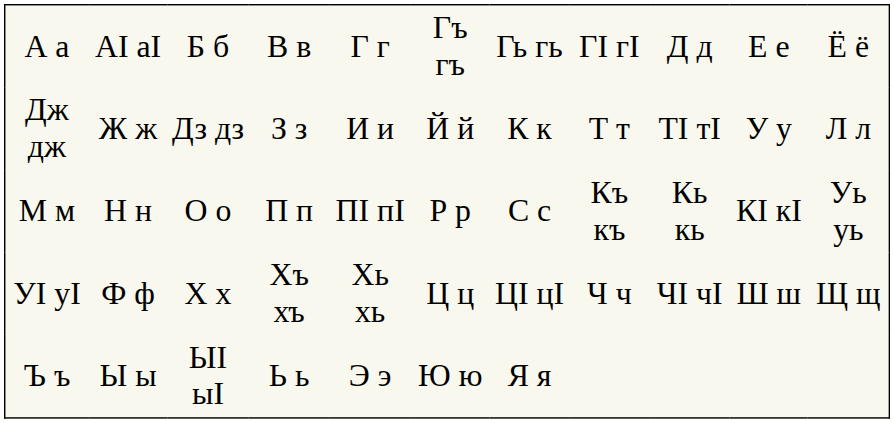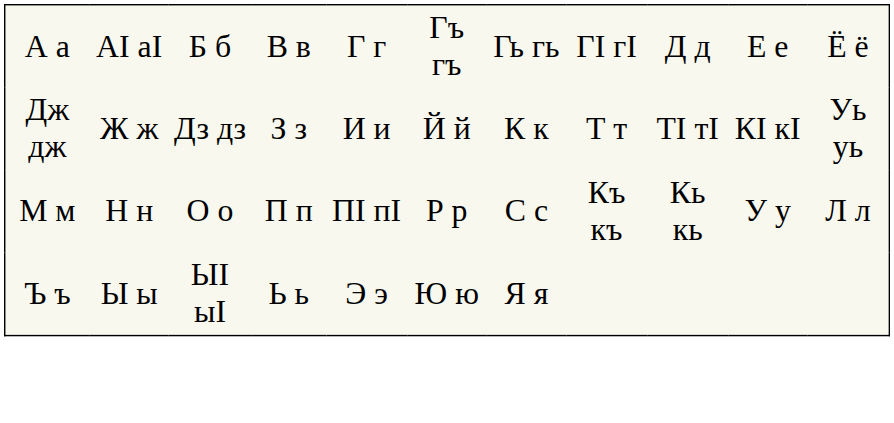 <table style="font-family:Arial Unicode MS; font-size:1.4em; border-color:#000000; border-width:1px; border-style:solid; border-collapse:collapse; background-color:#F8F8EF">
 <tr>
 <td style="width:3em; text-align:center; padding: 3px;">А а</td>
 <td style="width:3em; text-align:center; padding: 3px;">АӀ аӀ</td>
 <td style="width:3em; text-align:center; padding: 3px;">Б б</td>
 <td style="width:3em; text-align:center; padding: 3px;">В в</td>
 <td style="width:3em; text-align:center; padding: 3px;">Г г</td>
 <td style="width:3em; text-align:center; padding: 3px;">Гъ гъ</td>
 <td style="width:3em; text-align:center; padding: 3px;">Гь гь</td>
 <td style="width:3em; text-align:center; padding: 3px;">ГӀ гӀ</td>
 <td style="width:3em; text-align:center; padding: 3px;">Д д</td>
 <td style="width:3em; text-align:center; padding: 3px;">Е е</td>
 <td style="width:3em; text-align:center; padding: 3px;">Ё ё</td>
 </tr>
 <tr>
 <td style="width:3em; text-align:center; padding: 3px;">Дж дж</td>
 <td style="width:3em; text-align:center; padding: 3px;">Ж ж</td>
 <td style="width:3em; text-align:center; padding: 3px;">Дз дз</td>
 <td style="width:3em; text-align:center; padding: 3px;">З з</td>
 <td style="width:3em; text-align:center; padding: 3px;">И и</td>
 <td style="width:3em; text-align:center; padding: 3px;">Й й</td>
 <td style="width:3em; text-align:center; padding: 3px;">К к</td>
 <td style="width:3em; text-align:center; padding: 3px;">Т т</td>
 <td style="width:3em; text-align:center; padding: 3px;">ТӀ тӀ</td>
-<td style="width:3em; text-align:center; padding: 3px;">У у</td>
-<td style="width:3em; text-align:center; padding: 3px;">Л л</td>
+<td style="width:3em; text-align:center; padding: 3px;">КӀ кӀ</td>
+<td style="width:3em; text-align:center; padding: 3px;">Уь уь</td>
 </tr>
 <tr>
 <td style="width:3em; text-align:center; padding: 3px;">М м</td>
 <td style="width:3em; text-align:center; padding: 3px;">Н н</td>
 <td style="width:3em; text-align:center; padding: 3px;">О о</td>
 <td style="width:3em; text-align:center; padding: 3px;">П п</td>
 <td style="width:3em; text-align:center; padding: 3px;">ПӀ пӀ</td>
 <td style="width:3em; text-align:center; padding: 3px;">Р р</td>
 <td style="width:3em; text-align:center; padding: 3px;">С с</td>
 <td style="width:3em; text-align:center; padding: 3px;">Къ къ</td>
 <td style="width:3em; text-align:center; padding: 3px;">Кь кь</td>
-<td style="width:3em; text-align:center; padding: 3px;">КӀ кӀ</td>
-<td style="width:3em; text-align:center; padding: 3px;">Уь уь</td>
-</tr>
-<tr>
-<td style="width:3em; text-align:center; padding: 3px;">УӀ уӀ</td>
-<td style="width:3em; text-align:center; padding: 3px;">Ф ф</td>
-<td style="width:3em; text-align:center; padding: 3px;">Х х</td>
-<td style="width:3em; text-align:center; padding: 3px;">Хъ хъ</td>
-<td style="width:3em; text-align:center; padding: 3px;">Хь хь</td>
-<td style="width:3em; text-align:center; padding: 3px;">Ц ц</td>
-<td style="width:3em; text-align:center; padding: 3px;">ЦӀ цӀ</td>
-<td style="width:3em; text-align:center; padding: 3px;">Ч ч</td>
-<td style="width:3em; text-align:center; padding: 3px;">ЧӀ чӀ</td>
-<td style="width:3em; text-align:center; padding: 3px;">Ш ш</td>
-<td style="width:3em; text-align:center; padding: 3px;">Щ щ</td>
+<td style="width:3em; text-align:center; padding: 3px;">У у</td>
+<td style="width:3em; text-align:center; padding: 3px;">Л л</td>
 </tr>
 <tr>
 <td style="width:3em; text-align:center; padding: 3px;">Ъ ъ</td>
 <td style="width:3em; text-align:center; padding: 3px;">Ы ы</td>
 <td style="width:3em; text-align:center; padding: 3px;">ЫӀ ыӀ</td>
 <td style="width:3em; text-align:center; padding: 3px;">Ь ь</td>
 <td style="width:3em; text-align:center; padding: 3px;">Э э</td>
 <td style="width:3em; text-align:center; padding: 3px;">Ю ю</td>
 <td style="width:3em; text-align:center; padding: 3px;">Я я</td>
 </tr>
 </table>
